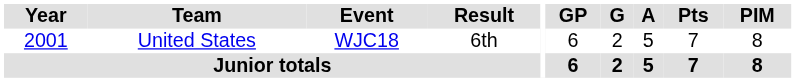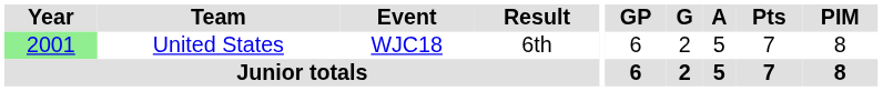 <table border="0" cellpadding="1" cellspacing="0" ID="Table3" style="text-align:center; width:40em">
 <tr ALIGN="center" bgcolor="#e0e0e0">
 <th>Year</th>
 <th>Team</th>
 <th>Event</th>
 <th>Result</th>
 <th rowspan="99" bgcolor="#ffffff"></th>
 <th>GP</th>
 <th>G</th>
 <th>A</th>
 <th>Pts</th>
 <th>PIM</th>
 </tr>
 <tr ALIGN="center">
-<td><a href='#'>2001</a></td>
+<td style="background: lightgreen;"><a href='#'>2001</a></td>
 <td><a href='#'>United States</a></td>
 <td><a href='#'>WJC18</a></td>
 <td>6th</td>
 <td>6</td>
 <td>2</td>
 <td>5</td>
 <td>7</td>
 <td>8</td>
 </tr>
 <tr bgcolor="#e0e0e0">
 <th colspan="4">Junior totals</th>
 <th>6</th>
 <th>2</th>
 <th>5</th>
 <th>7</th>
 <th>8</th>
 </tr>
 </table>
